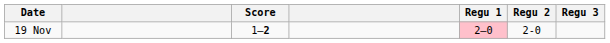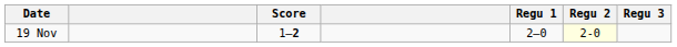 <table class="wikitable" style="text-align: center; font-size:90% ">
 <tr>
 <th width="60">Date</th>
 <th align="right" width="190"></th>
 <th width="60">Score</th>
 <th align="left" width="190"></th>
 <th width="50">Regu 1</th>
 <th width="50">Regu 2</th>
 <th width="50">Regu 3</th>
 </tr>
 <tr>
 <td>19 Nov</td>
 <td align=right><strong></strong></td>
 <td align=center>1–<strong>2</strong></td>
 <td align=left></td>
-<td style="background: pink;">2–0</td>
-<td>2-0</td>
+<td>2–0</td>
+<td style="background: lightyellow;">2-0</td>
 </tr>
 </table>
